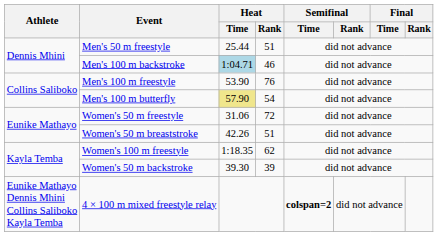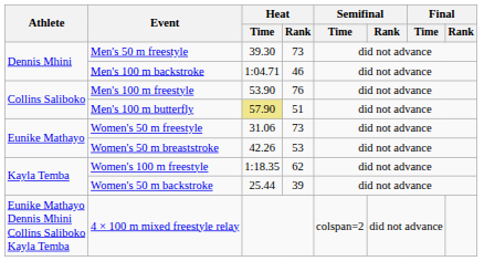 <table class=wikitable style="font-size:90%; text-align:center">
 <tr>
 <th rowspan="2">Athlete</th>
 <th rowspan="2">Event</th>
 <th colspan="2">Heat</th>
 <th colspan="2">Semifinal</th>
 <th colspan="2">Final</th>
 </tr>
 <tr style="font-size:95%">
 <th>Time</th>
 <th>Rank</th>
 <th>Time</th>
 <th>Rank</th>
 <th>Time</th>
 <th>Rank</th>
 </tr>
 <tr>
 <td align=left rowspan=2><a href='#'>Dennis Mhini</a></td>
 <td align=left><a href='#'>Men's 50 m freestyle</a></td>
-<td>25.44</td>
-<td>51</td>
+<td>39.30</td>
+<td>73</td>
 <td colspan=4>did not advance</td>
 </tr>
 <tr>
 <td align=left><a href='#'>Men's 100 m backstroke</a></td>
-<td style="background: lightblue;">1:04.71</td>
+<td>1:04.71</td>
 <td>46</td>
 <td colspan=4>did not advance</td>
 </tr>
 <tr>
 <td align=left rowspan=2><a href='#'>Collins Saliboko</a></td>
 <td align=left><a href='#'>Men's 100 m freestyle</a></td>
 <td>53.90</td>
 <td>76</td>
 <td colspan=4>did not advance</td>
 </tr>
 <tr>
 <td align=left><a href='#'>Men's 100 m butterfly</a></td>
 <td style="background: khaki;">57.90</td>
-<td>54</td>
+<td>51</td>
 <td colspan=4>did not advance</td>
 </tr>
 <tr>
 <td align=left rowspan=2><a href='#'>Eunike Mathayo</a></td>
 <td align=left><a href='#'>Women's 50 m freestyle</a></td>
 <td>31.06</td>
-<td>72</td>
+<td>73</td>
 <td colspan=4>did not advance</td>
 </tr>
 <tr>
 <td align=left><a href='#'>Women's 50 m breaststroke</a></td>
 <td>42.26</td>
-<td>51</td>
+<td>53</td>
 <td colspan=4>did not advance</td>
 </tr>
 <tr>
 <td align=left rowspan=2><a href='#'>Kayla Temba</a></td>
 <td align=left><a href='#'>Women's 100 m freestyle</a></td>
 <td>1:18.35</td>
 <td>62</td>
 <td colspan=4>did not advance</td>
 </tr>
 <tr>
 <td align=left><a href='#'>Women's 50 m backstroke</a></td>
-<td>39.30</td>
+<td>25.44</td>
 <td>39</td>
 <td colspan=4>did not advance</td>
 </tr>
 <tr>
 <td align=left><a href='#'>Eunike Mathayo</a><br><a href='#'>Dennis Mhini</a><br><a href='#'>Collins Saliboko</a><br><a href='#'>Kayla Temba</a></td>
 <td align=left><a href='#'>4 × 100 m mixed freestyle relay</a></td>
 <td colspan=2></td>
-<td><strong>colspan=2</strong></td>
+<td>colspan=2</td>
 <td colspan=2>did not advance</td>
 </tr>
 </table>
